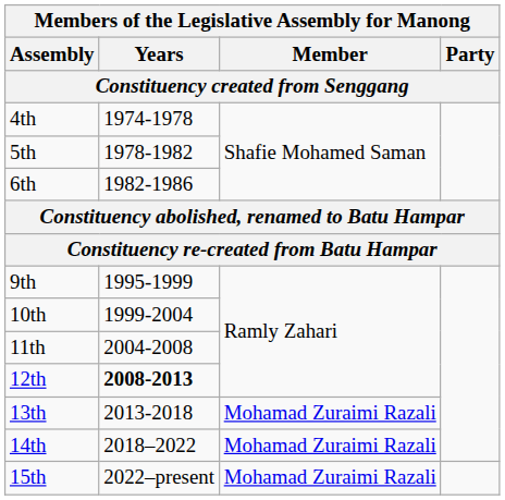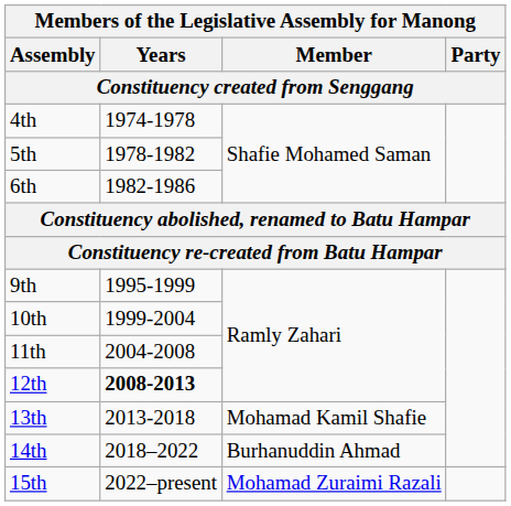 <table class=wikitable>
 <tr>
 <th colspan=4>Members of the Legislative Assembly for Manong</th>
 </tr>
 <tr>
 <th>Assembly</th>
 <th>Years</th>
 <th>Member</th>
 <th>Party</th>
 </tr>
 <tr>
 <th colspan=4 align=center><em>Constituency created from Senggang</em></th>
 </tr>
 <tr>
 <td>4th</td>
 <td>1974-1978</td>
 <td rowspan=3>Shafie Mohamed Saman</td>
 <td rowspan="3"></td>
 </tr>
 <tr>
 <td>5th</td>
 <td>1978-1982</td>
 </tr>
 <tr>
 <td>6th</td>
 <td>1982-1986</td>
 </tr>
 <tr>
 <th colspan=4 align=center><em>Constituency abolished, renamed to Batu Hampar</em></th>
 </tr>
 <tr>
 <th colspan=4 align=center><em>Constituency re-created from Batu Hampar</em></th>
 </tr>
 <tr>
 <td>9th</td>
 <td>1995-1999</td>
 <td rowspan=4>Ramly Zahari</td>
 <td rowspan="6"></td>
 </tr>
 <tr>
 <td>10th</td>
 <td>1999-2004</td>
 </tr>
 <tr>
 <td>11th</td>
 <td>2004-2008</td>
 </tr>
 <tr>
 <td><a href='#'>12th</a></td>
 <td><strong>2008-2013</strong></td>
 </tr>
 <tr>
 <td><a href='#'>13th</a></td>
 <td>2013-2018</td>
-<td><a href='#'>Mohamad Zuraimi Razali</a></td>
+<td>Mohamad Kamil Shafie</td>
 </tr>
 <tr>
 <td><a href='#'>14th</a></td>
 <td>2018–2022</td>
-<td><a href='#'>Mohamad Zuraimi Razali</a></td>
+<td>Burhanuddin Ahmad</td>
 </tr>
 <tr>
 <td><a href='#'>15th</a></td>
 <td>2022–present</td>
 <td><a href='#'>Mohamad Zuraimi Razali</a></td>
 <td></td>
 </tr>
 </table>
